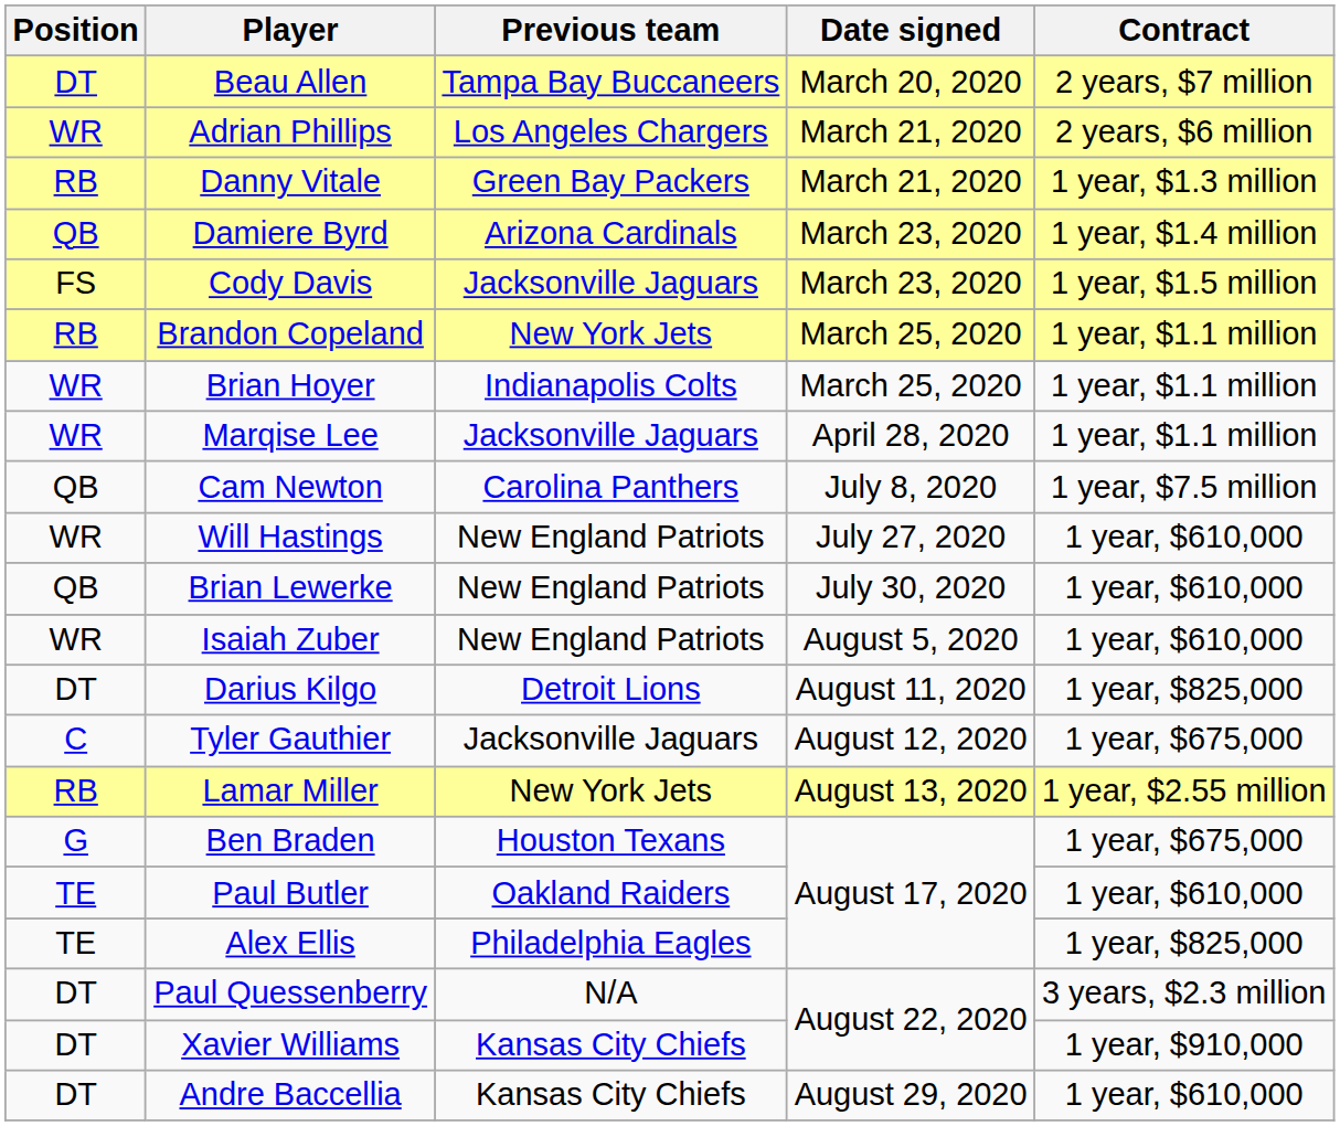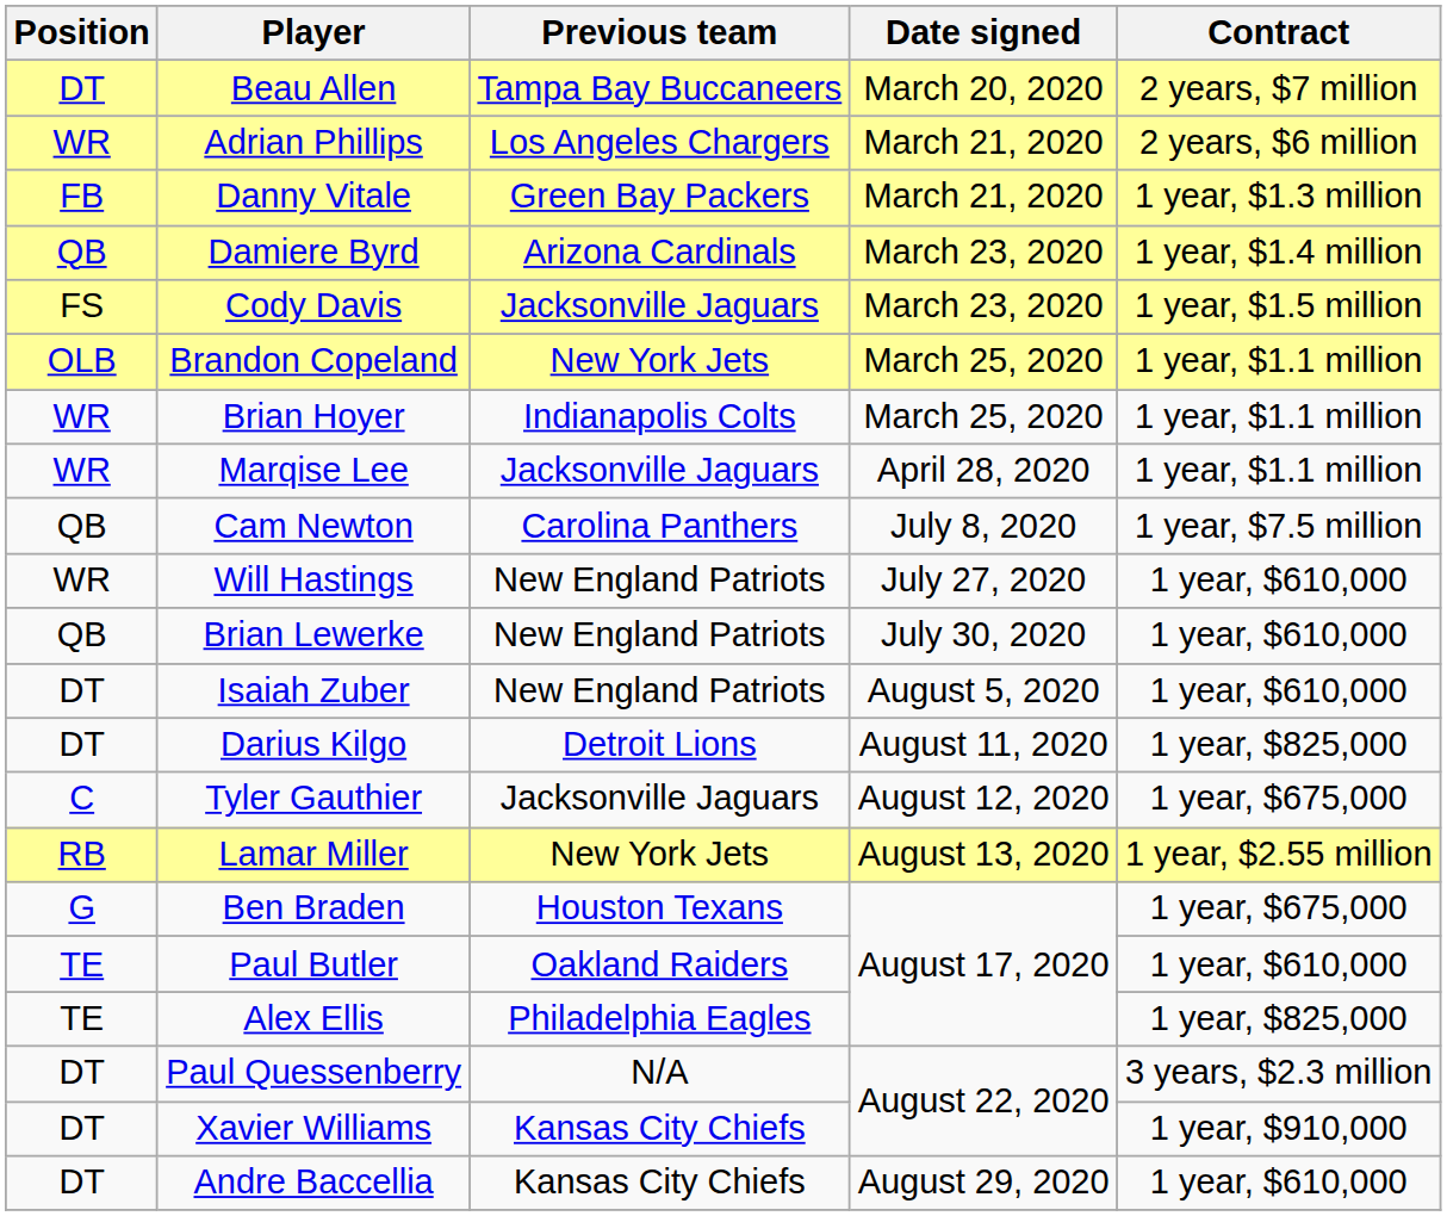 <table class="wikitable" style="text-align:center">
 <tr>
 <th>Position</th>
 <th>Player</th>
 <th>Previous team</th>
 <th>Date signed</th>
 <th>Contract</th>
 </tr>
 <tr style="background:#ff9">
 <td><a href='#'>DT</a></td>
 <td><a href='#'>Beau Allen</a></td>
 <td><a href='#'>Tampa Bay Buccaneers</a></td>
 <td>March 20, 2020</td>
 <td>2 years, $7 million</td>
 </tr>
 <tr style="background:#ff9">
 <td><a href='#'>WR</a></td>
 <td><a href='#'>Adrian Phillips</a></td>
 <td><a href='#'>Los Angeles Chargers</a></td>
 <td>March 21, 2020</td>
 <td>2 years, $6 million</td>
 </tr>
 <tr style="background:#ff9">
-<td><a href='#'>RB</a></td>
+<td><a href='#'>FB</a></td>
 <td><a href='#'>Danny Vitale</a></td>
 <td><a href='#'>Green Bay Packers</a></td>
 <td>March 21, 2020</td>
 <td>1 year, $1.3 million</td>
 </tr>
 <tr style="background:#ff9">
 <td><a href='#'>QB</a></td>
 <td><a href='#'>Damiere Byrd</a></td>
 <td><a href='#'>Arizona Cardinals</a></td>
 <td>March 23, 2020</td>
 <td>1 year, $1.4 million</td>
 </tr>
 <tr style="background:#ff9">
 <td>FS</td>
 <td><a href='#'>Cody Davis</a></td>
 <td><a href='#'>Jacksonville Jaguars</a></td>
 <td>March 23, 2020</td>
 <td>1 year, $1.5 million</td>
 </tr>
 <tr style="background:#ff9">
-<td><a href='#'>RB</a></td>
+<td><a href='#'>OLB</a></td>
 <td><a href='#'>Brandon Copeland</a></td>
 <td><a href='#'>New York Jets</a></td>
 <td>March 25, 2020</td>
 <td>1 year, $1.1 million</td>
 </tr>
 <tr>
 <td><a href='#'>WR</a></td>
 <td><a href='#'>Brian Hoyer</a></td>
 <td><a href='#'>Indianapolis Colts</a></td>
 <td>March 25, 2020</td>
 <td>1 year, $1.1 million</td>
 </tr>
 <tr>
 <td><a href='#'>WR</a></td>
 <td><a href='#'>Marqise Lee</a></td>
 <td><a href='#'>Jacksonville Jaguars</a></td>
 <td>April 28, 2020</td>
 <td>1 year, $1.1 million</td>
 </tr>
 <tr>
 <td>QB</td>
 <td><a href='#'>Cam Newton</a></td>
 <td><a href='#'>Carolina Panthers</a></td>
 <td>July 8, 2020</td>
 <td>1 year, $7.5 million</td>
 </tr>
 <tr>
 <td>WR</td>
 <td><a href='#'>Will Hastings</a></td>
 <td>New England Patriots</td>
 <td>July 27, 2020</td>
 <td>1 year, $610,000</td>
 </tr>
 <tr>
 <td>QB</td>
 <td><a href='#'>Brian Lewerke</a></td>
 <td>New England Patriots</td>
 <td>July 30, 2020</td>
 <td>1 year, $610,000</td>
 </tr>
 <tr>
-<td>WR</td>
+<td>DT</td>
 <td><a href='#'>Isaiah Zuber</a></td>
 <td>New England Patriots</td>
 <td>August 5, 2020</td>
 <td>1 year, $610,000</td>
 </tr>
 <tr>
 <td>DT</td>
 <td><a href='#'>Darius Kilgo</a></td>
 <td><a href='#'>Detroit Lions</a></td>
 <td>August 11, 2020</td>
 <td>1 year, $825,000</td>
 </tr>
 <tr>
 <td><a href='#'>C</a></td>
 <td><a href='#'>Tyler Gauthier</a></td>
 <td>Jacksonville Jaguars</td>
 <td>August 12, 2020</td>
 <td>1 year, $675,000</td>
 </tr>
 <tr style="background:#ff9">
 <td><a href='#'>RB</a></td>
 <td><a href='#'>Lamar Miller</a></td>
 <td>New York Jets</td>
 <td>August 13, 2020</td>
 <td>1 year, $2.55 million</td>
 </tr>
 <tr>
 <td><a href='#'>G</a></td>
 <td><a href='#'>Ben Braden</a></td>
 <td><a href='#'>Houston Texans</a></td>
 <td rowspan="3">August 17, 2020</td>
 <td>1 year, $675,000</td>
 </tr>
 <tr>
 <td><a href='#'>TE</a></td>
 <td><a href='#'>Paul Butler</a></td>
 <td><a href='#'>Oakland Raiders</a></td>
 <td>1 year, $610,000</td>
 </tr>
 <tr>
 <td>TE</td>
 <td><a href='#'>Alex Ellis</a></td>
 <td><a href='#'>Philadelphia Eagles</a></td>
 <td>1 year, $825,000</td>
 </tr>
 <tr>
 <td>DT</td>
 <td><a href='#'>Paul Quessenberry</a></td>
 <td>N/A</td>
 <td rowspan="2">August 22, 2020</td>
 <td>3 years, $2.3 million</td>
 </tr>
 <tr>
 <td>DT</td>
 <td><a href='#'>Xavier Williams</a></td>
 <td><a href='#'>Kansas City Chiefs</a></td>
 <td>1 year, $910,000</td>
 </tr>
 <tr>
 <td>DT</td>
 <td><a href='#'>Andre Baccellia</a></td>
 <td>Kansas City Chiefs</td>
 <td>August 29, 2020</td>
 <td>1 year, $610,000</td>
 </tr>
 </table>
